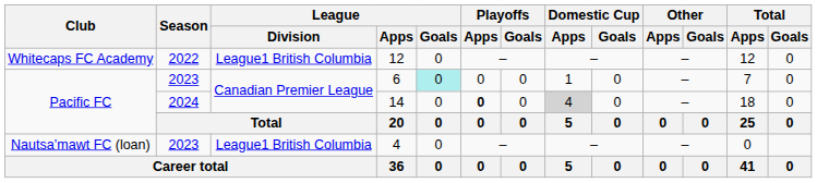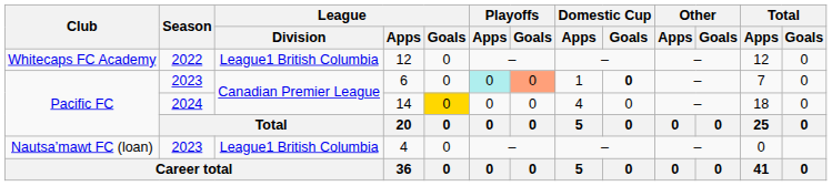 <table class="wikitable" style="text-align: center">
 <tr>
 <th rowspan="2">Club</th>
 <th rowspan="2">Season</th>
 <th colspan="3">League</th>
 <th colspan="2">Playoffs</th>
 <th colspan="2">Domestic Cup</th>
 <th colspan="2">Other</th>
 <th colspan="2">Total</th>
 </tr>
 <tr>
 <th>Division</th>
 <th>Apps</th>
 <th>Goals</th>
 <th>Apps</th>
 <th>Goals</th>
 <th>Apps</th>
 <th>Goals</th>
 <th>Apps</th>
 <th>Goals</th>
 <th>Apps</th>
 <th>Goals</th>
 </tr>
 <tr>
 <td><a href='#'>Whitecaps FC Academy</a></td>
 <td><a href='#'>2022</a></td>
 <td><a href='#'>League1 British Columbia</a></td>
 <td>12</td>
 <td>0</td>
 <td colspan="2">–</td>
 <td colspan="2">–</td>
 <td colspan="2">–</td>
 <td>12</td>
 <td>0</td>
 </tr>
 <tr>
 <td rowspan=3><a href='#'>Pacific FC</a></td>
 <td><a href='#'>2023</a></td>
 <td rowspan=2><a href='#'>Canadian Premier League</a></td>
 <td>6</td>
+<td>0</td>
 <td style="background: paleturquoise;">0</td>
-<td>0</td>
-<td>0</td>
+<td style="background: lightsalmon;">0</td>
 <td>1</td>
-<td>0</td>
+<td><strong>0</strong></td>
 <td colspan="2">–</td>
 <td>7</td>
 <td>0</td>
 </tr>
 <tr>
 <td><a href='#'>2024</a></td>
 <td>14</td>
+<td style="background: gold;">0</td>
 <td>0</td>
-<td><strong>0</strong></td>
 <td>0</td>
-<td style="background: lightgrey;">4</td>
+<td>4</td>
 <td>0</td>
 <td colspan="2">–</td>
 <td>18</td>
 <td>0</td>
 </tr>
 <tr>
 <th colspan="2">Total</th>
 <th>20</th>
 <th>0</th>
 <th>0</th>
 <th>0</th>
 <th>5</th>
 <th>0</th>
 <th>0</th>
 <th>0</th>
 <th>25</th>
 <th>0</th>
 </tr>
 <tr>
 <td><a href='#'>Nautsa’mawt FC</a> (loan)</td>
 <td><a href='#'>2023</a></td>
 <td><a href='#'>League1 British Columbia</a></td>
 <td>4</td>
 <td>0</td>
 <td colspan="2">–</td>
 <td colspan="2">–</td>
 <td colspan="2">–</td>
 <td 4>0</td>
 </tr>
 <tr>
 <th colspan="3"><strong>Career total</strong></th>
 <th>36</th>
 <th>0</th>
 <th>0</th>
 <th>0</th>
 <th>5</th>
 <th>0</th>
 <th>0</th>
 <th>0</th>
 <th>41</th>
 <th>0</th>
 </tr>
 </table>
